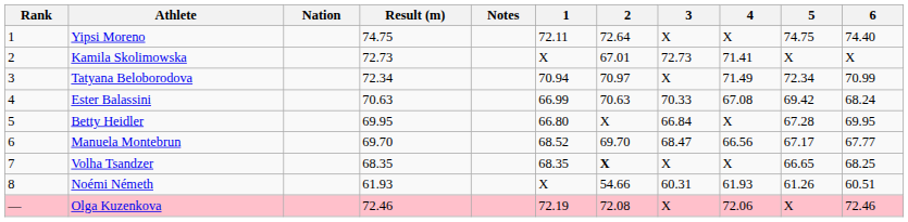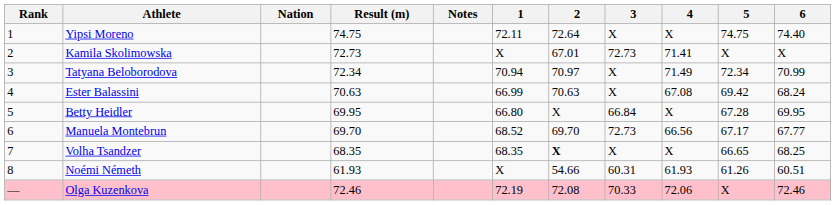 <table class="wikitable" style="text=align:center;" width=85%>
 <tr>
 <th>Rank</th>
 <th>Athlete</th>
 <th>Nation</th>
 <th>Result (m)</th>
 <th>Notes</th>
 <th>1</th>
 <th>2</th>
 <th>3</th>
 <th>4</th>
 <th>5</th>
 <th>6</th>
 </tr>
 <tr>
 <td>1</td>
 <td><a href='#'>Yipsi Moreno</a></td>
 <td></td>
 <td>74.75</td>
 <td></td>
 <td>72.11</td>
 <td>72.64</td>
 <td>X</td>
 <td>X</td>
 <td>74.75</td>
 <td>74.40</td>
 </tr>
 <tr>
 <td>2</td>
 <td><a href='#'>Kamila Skolimowska</a></td>
 <td></td>
 <td>72.73</td>
 <td></td>
 <td>X</td>
 <td>67.01</td>
 <td>72.73</td>
 <td>71.41</td>
 <td>X</td>
 <td>X</td>
 </tr>
 <tr>
 <td>3</td>
 <td><a href='#'>Tatyana Beloborodova</a></td>
 <td></td>
 <td>72.34</td>
 <td></td>
 <td>70.94</td>
 <td>70.97</td>
 <td>X</td>
 <td>71.49</td>
 <td>72.34</td>
 <td>70.99</td>
 </tr>
 <tr>
 <td>4</td>
 <td><a href='#'>Ester Balassini</a></td>
 <td></td>
 <td>70.63</td>
 <td></td>
 <td>66.99</td>
 <td>70.63</td>
-<td>70.33</td>
+<td>X</td>
 <td>67.08</td>
 <td>69.42</td>
 <td>68.24</td>
 </tr>
 <tr>
 <td>5</td>
 <td><a href='#'>Betty Heidler</a></td>
 <td></td>
 <td>69.95</td>
 <td></td>
 <td>66.80</td>
 <td>X</td>
 <td>66.84</td>
 <td>X</td>
 <td>67.28</td>
 <td>69.95</td>
 </tr>
 <tr>
 <td>6</td>
 <td><a href='#'>Manuela Montebrun</a></td>
 <td></td>
 <td>69.70</td>
 <td></td>
 <td>68.52</td>
 <td>69.70</td>
-<td>68.47</td>
+<td>72.73</td>
 <td>66.56</td>
 <td>67.17</td>
 <td>67.77</td>
 </tr>
 <tr>
 <td>7</td>
 <td><a href='#'>Volha Tsandzer</a></td>
 <td></td>
 <td>68.35</td>
 <td></td>
 <td>68.35</td>
 <td><strong>X</strong></td>
 <td>X</td>
 <td>X</td>
 <td>66.65</td>
 <td>68.25</td>
 </tr>
 <tr>
 <td>8</td>
 <td><a href='#'>Noémi Németh</a></td>
 <td></td>
 <td>61.93</td>
 <td></td>
 <td>X</td>
 <td>54.66</td>
 <td>60.31</td>
 <td>61.93</td>
 <td>61.26</td>
 <td>60.51</td>
 </tr>
 <tr bgcolor=pink>
 <td>—</td>
 <td><a href='#'>Olga Kuzenkova</a></td>
 <td></td>
 <td>72.46</td>
 <td></td>
 <td>72.19</td>
 <td>72.08</td>
-<td>X</td>
+<td>70.33</td>
 <td>72.06</td>
 <td>X</td>
 <td>72.46</td>
 </tr>
 </table>
